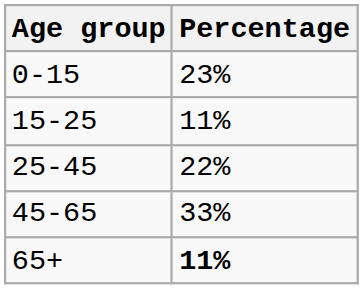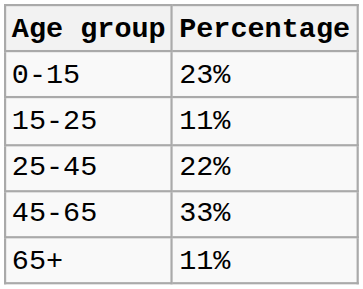 <table class="wikitable">
 <tr>
 <th>Age group</th>
 <th>Percentage</th>
 </tr>
 <tr>
 <td>0-15</td>
 <td>23%</td>
 </tr>
 <tr>
 <td>15-25</td>
 <td>11%</td>
 </tr>
 <tr>
 <td>25-45</td>
 <td>22%</td>
 </tr>
 <tr>
 <td>45-65</td>
 <td>33%</td>
 </tr>
 <tr>
 <td>65+</td>
-<td><strong>11%</strong></td>
+<td>11%</td>
 </tr>
 </table>
